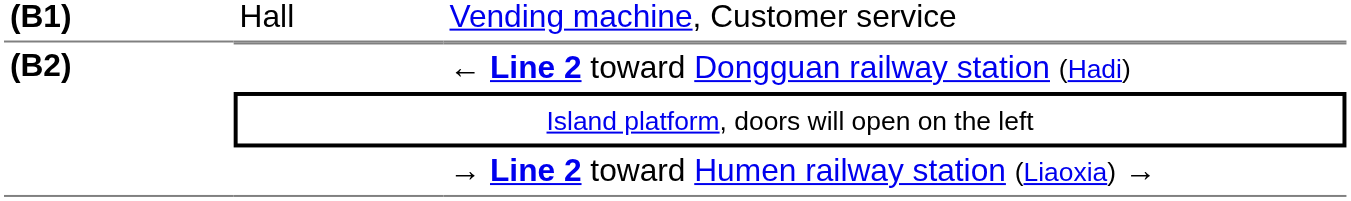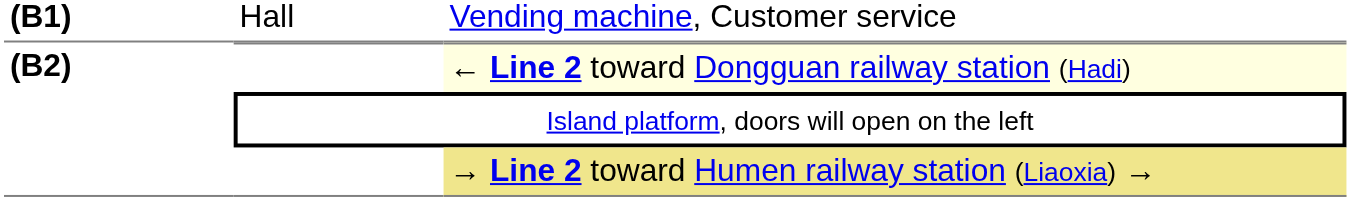 <table table border=0 cellspacing=0 cellpadding=3>
 <tr>
 <td style="border-bottom:solid 1px gray;border-top:solid 0px gray;" width=110 valign=top><strong>(B1)</strong></td>
 <td style="border-top:solid 0px gray;border-bottom:solid 1px gray;" width=100 valign=top>Hall</td>
 <td style="border-top:solid 0px gray;border-bottom:solid 1px gray;" width=390 valign=top><a href='#'>Vending machine</a>, Customer service</td>
 </tr>
 <tr>
 <td style="border-top:solid 0px gray;border-bottom:solid 1px gray;" width=110 rowspan=3 valign=top><strong>(B2)</strong></td>
 <td style="border-top:solid 1px gray;" width=100></td>
-<td style="border-top:solid 1px gray;" width=450>← <a href='#'><span><strong>Line 2</strong></span></a> toward <a href='#'>Dongguan railway station</a> <small>(<a href='#'>Hadi</a>)</small></td>
+<td style="background: lightyellow; border-top:solid 1px gray;" width=450>← <a href='#'><span><strong>Line 2</strong></span></a> toward <a href='#'>Dongguan railway station</a> <small>(<a href='#'>Hadi</a>)</small></td>
 </tr>
 <tr>
 <td style="border-top:solid 2px black;border-right:solid 2px black;border-left:solid 2px black;border-bottom:solid 2px black;text-align:center;" colspan=2><small><a href='#'>Island platform</a>, doors will open on the left</small></td>
 </tr>
 <tr>
 <td style="border-bottom:solid 1px gray;" width=100></td>
-<td style="border-bottom:solid 1px gray;" width=390><span>→</span> <a href='#'><span><strong>Line 2</strong></span></a> toward <a href='#'>Humen railway station</a> <small>(<a href='#'>Liaoxia</a>)</small> →</td>
+<td style="background: khaki; border-bottom:solid 1px gray;" width=390><span>→</span> <a href='#'><span><strong>Line 2</strong></span></a> toward <a href='#'>Humen railway station</a> <small>(<a href='#'>Liaoxia</a>)</small> →</td>
 </tr>
 </table>
